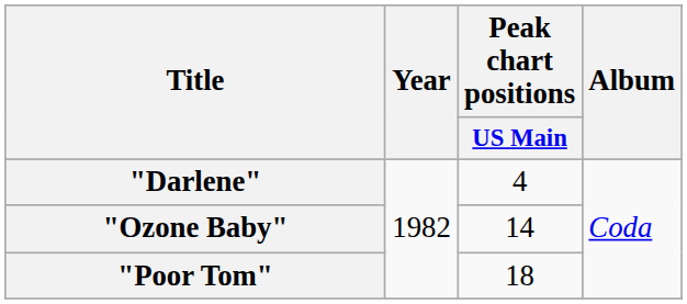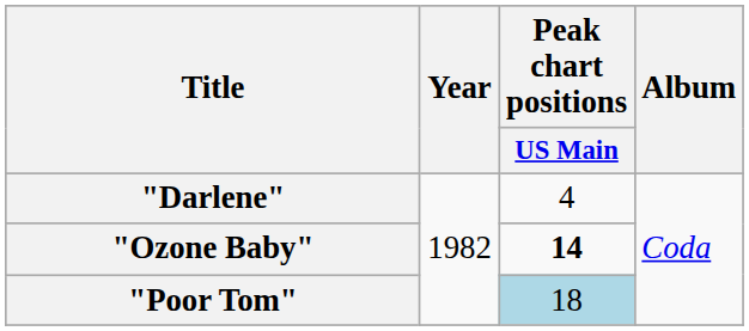 <table class="wikitable plainrowheaders" style="text-align:center;">
 <tr>
 <th scope="col" rowspan="2" style="width:200px;">Title</th>
 <th scope="col" rowspan="2">Year</th>
 <th scope="col" colspan="1">Peak chart positions</th>
 <th scope="col" rowspan="2">Album</th>
 </tr>
 <tr>
 <th style="width:3em;font-size:85%"><a href='#'>US Main</a><br></th>
 </tr>
 <tr>
 <th scope="row">"Darlene"</th>
 <td rowspan=3>1982</td>
 <td>4</td>
 <td rowspan=3 style="text-align:left"><em><a href='#'>Coda</a></em></td>
 </tr>
 <tr>
 <th scope="row">"Ozone Baby"</th>
-<td>14</td>
+<td><strong>14</strong></td>
 </tr>
 <tr>
 <th scope="row">"Poor Tom"</th>
-<td>18</td>
+<td style="background: lightblue;">18</td>
 </tr>
 </table>
